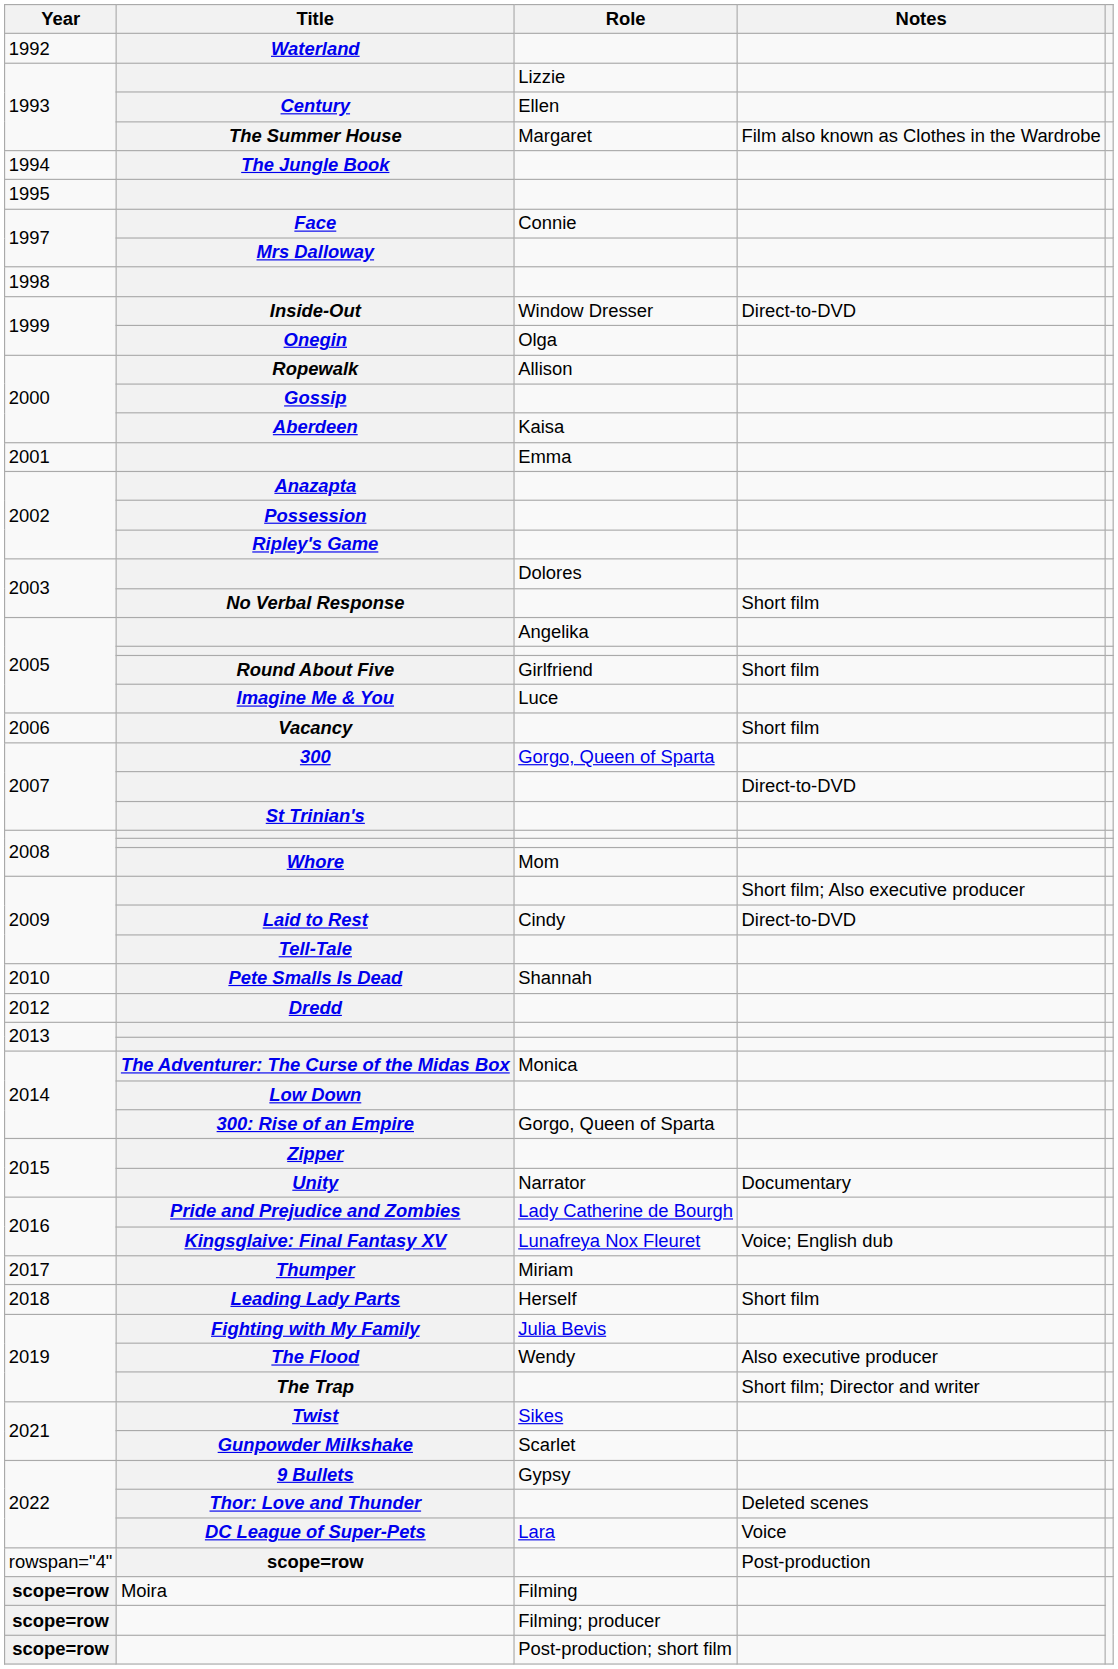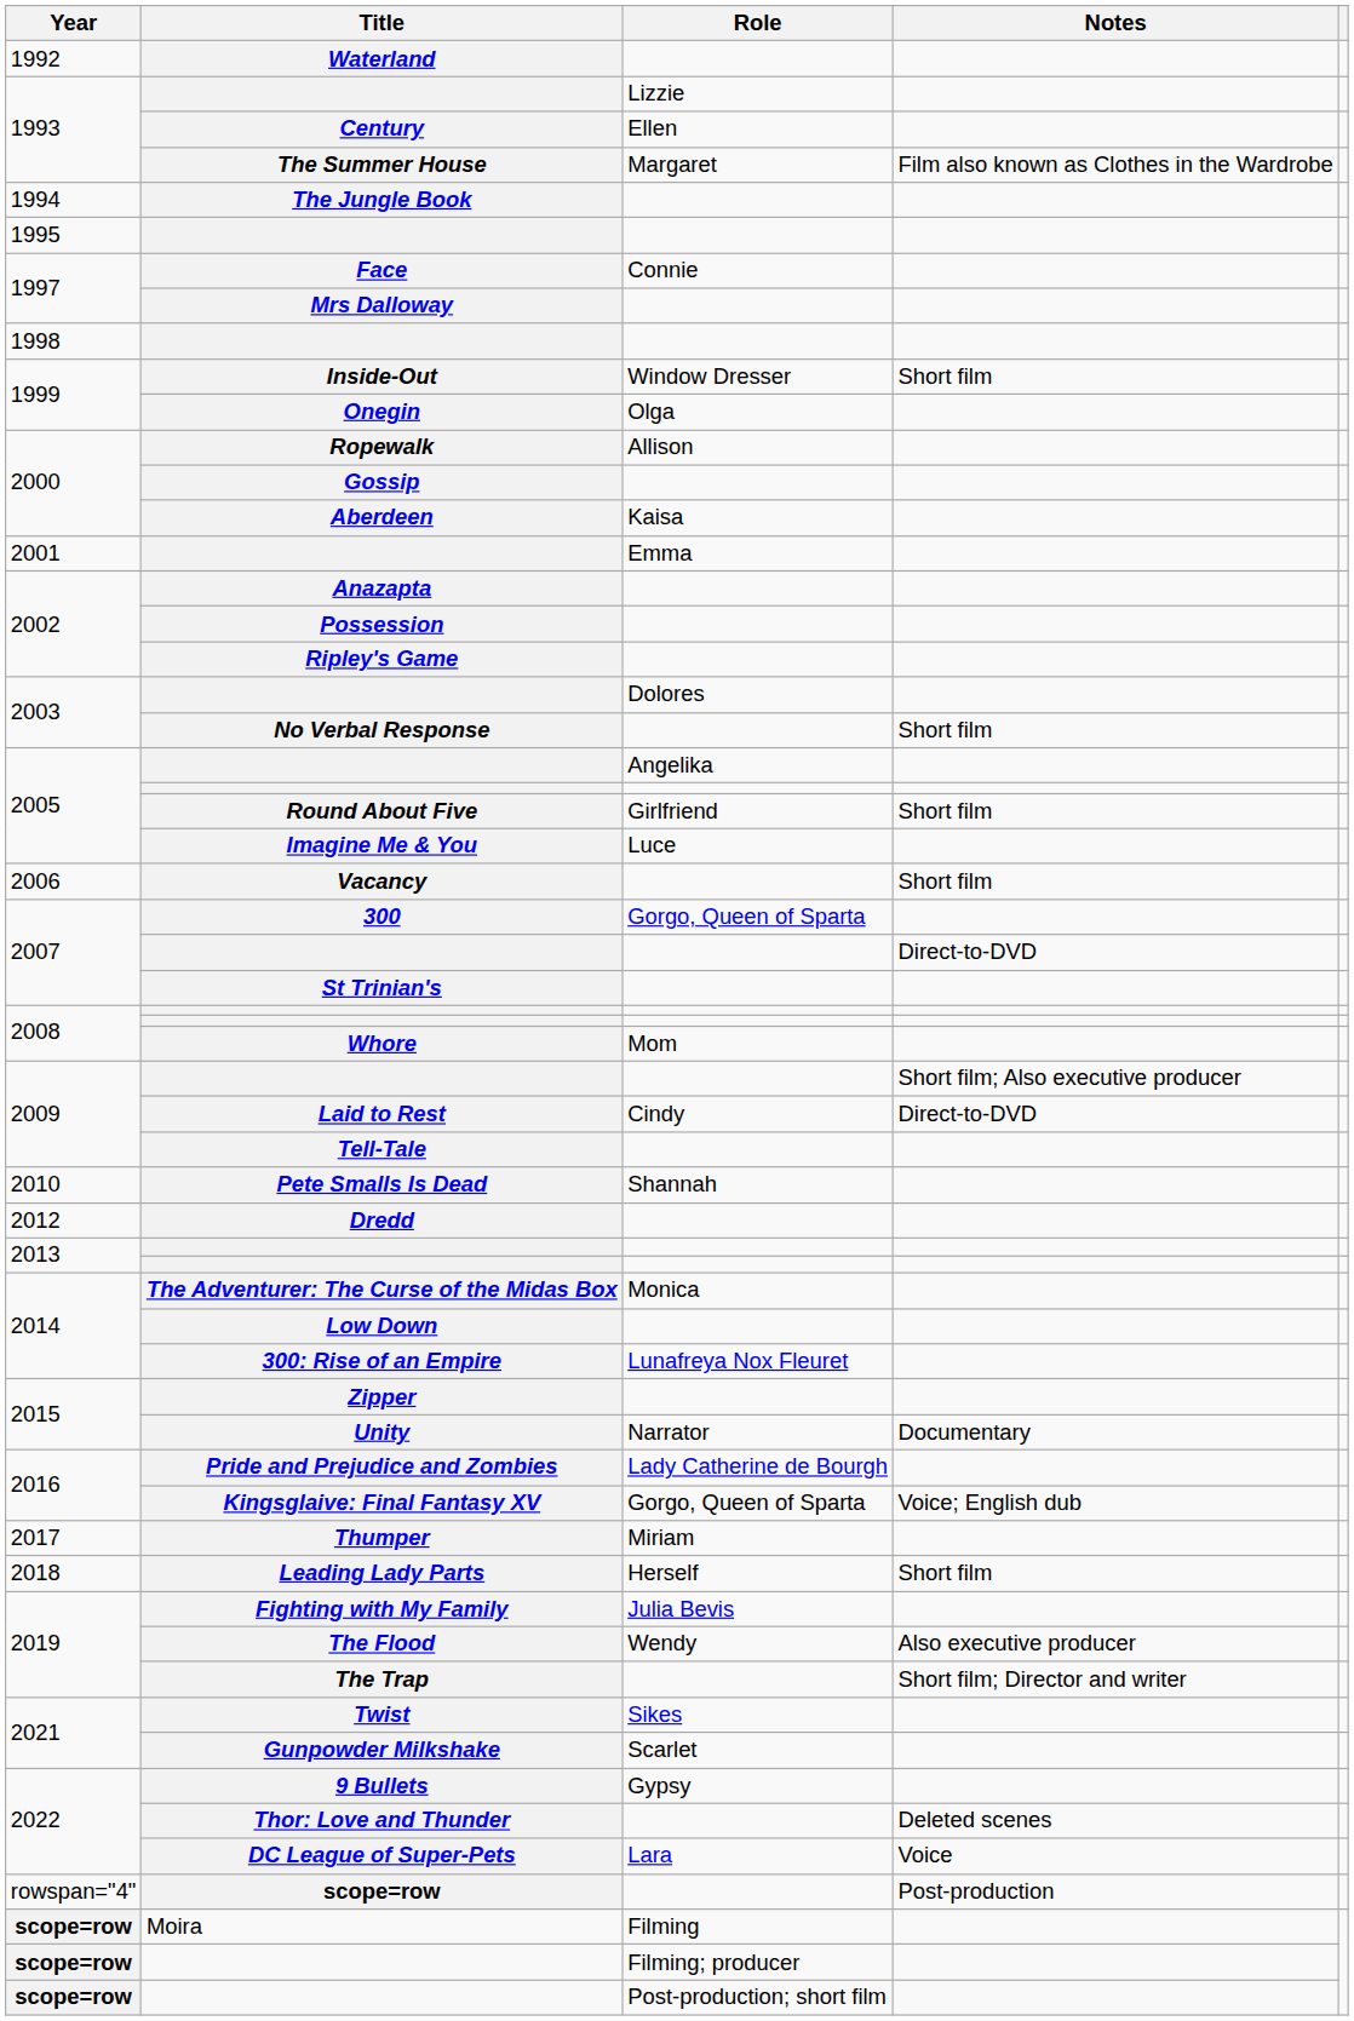 <table class="wikitable plainrowheaders sortable">
 <tr>
 <th scope="col">Year</th>
 <th scope="col">Title</th>
 <th scope="col">Role</th>
 <th scope="col" class="unsortable">Notes</th>
 <th scope="col" class="unsortable"></th>
 </tr>
 <tr>
 <td>1992</td>
 <th scope=row><em><a href='#'>Waterland</a></em></th>
 <td></td>
 <td></td>
 <td style="text-align:center;"></td>
 </tr>
 <tr>
 <td rowspan="3">1993</td>
 <th scope=row><em></em></th>
 <td>Lizzie</td>
 <td></td>
 <td style="text-align:center;"></td>
 </tr>
 <tr>
 <th scope=row><em><a href='#'>Century</a></em></th>
 <td>Ellen</td>
 <td></td>
 <td style="text-align:center;"></td>
 </tr>
 <tr>
 <th scope=row><em>The Summer House</em></th>
 <td>Margaret</td>
 <td>Film also known as Clothes in the Wardrobe</td>
 <td style="text-align:center;"></td>
 </tr>
 <tr>
 <td>1994</td>
 <th scope=row><em><a href='#'>The Jungle Book</a></em></th>
 <td></td>
 <td></td>
 <td style="text-align:center;"></td>
 </tr>
 <tr>
 <td>1995</td>
 <th scope=row><em></em></th>
 <td></td>
 <td></td>
 <td style="text-align:center;"></td>
 </tr>
 <tr>
 <td rowspan="2">1997</td>
 <th scope=row><em><a href='#'>Face</a></em></th>
 <td>Connie</td>
 <td></td>
 <td style="text-align:center;"></td>
 </tr>
 <tr>
 <th scope=row><em><a href='#'>Mrs Dalloway</a></em></th>
 <td></td>
 <td></td>
 <td style="text-align:center;"></td>
 </tr>
 <tr>
 <td>1998</td>
 <th scope=row><em></em></th>
 <td></td>
 <td></td>
 <td style="text-align:center;"></td>
 </tr>
 <tr>
 <td rowspan="2">1999</td>
 <th scope=row><em>Inside-Out</em></th>
 <td>Window Dresser</td>
-<td>Direct-to-DVD</td>
+<td>Short film</td>
 <td style="text-align:center;"></td>
 </tr>
 <tr>
 <th scope=row><em><a href='#'>Onegin</a></em></th>
 <td>Olga</td>
 <td></td>
 <td style="text-align:center;"></td>
 </tr>
 <tr>
 <td rowspan="3">2000</td>
 <th scope=row><em>Ropewalk</em></th>
 <td>Allison</td>
 <td></td>
 <td style="text-align:center;"></td>
 </tr>
 <tr>
 <th scope=row><em><a href='#'>Gossip</a></em></th>
 <td></td>
 <td></td>
 <td style="text-align:center;"></td>
 </tr>
 <tr>
 <th scope=row><em><a href='#'>Aberdeen</a></em></th>
 <td>Kaisa</td>
 <td></td>
 <td style="text-align:center;"></td>
 </tr>
 <tr>
 <td>2001</td>
 <th scope=row><em></em></th>
 <td>Emma</td>
 <td></td>
 <td style="text-align:center;"></td>
 </tr>
 <tr>
 <td rowspan="3">2002</td>
 <th scope=row><em><a href='#'>Anazapta</a></em></th>
 <td></td>
 <td></td>
 <td style="text-align:center;"></td>
 </tr>
 <tr>
 <th scope=row><em><a href='#'>Possession</a></em></th>
 <td></td>
 <td></td>
 <td style="text-align:center;"></td>
 </tr>
 <tr>
 <th scope=row><em><a href='#'>Ripley's Game</a></em></th>
 <td></td>
 <td></td>
 <td style="text-align:center;"></td>
 </tr>
 <tr>
 <td rowspan="2">2003</td>
 <th scope=row><em></em></th>
 <td>Dolores</td>
 <td></td>
 <td style="text-align:center;"></td>
 </tr>
 <tr>
 <th scope=row><em>No Verbal Response</em></th>
 <td></td>
 <td>Short film</td>
 <td style="text-align:center;"></td>
 </tr>
 <tr>
 <td rowspan="4">2005</td>
 <th scope=row><em></em></th>
 <td>Angelika</td>
 <td></td>
 <td style="text-align:center;"></td>
 </tr>
 <tr>
 <th scope=row><em></em></th>
 <td></td>
 <td></td>
 <td style="text-align:center;"></td>
 </tr>
 <tr>
 <th scope=row><em>Round About Five</em></th>
 <td>Girlfriend</td>
 <td>Short film</td>
 <td style="text-align:center;"></td>
 </tr>
 <tr>
 <th scope=row><em><a href='#'>Imagine Me & You</a></em></th>
 <td>Luce</td>
 <td></td>
 <td style="text-align:center;"></td>
 </tr>
 <tr>
 <td>2006</td>
 <th scope=row><em>Vacancy</em></th>
 <td></td>
 <td>Short film</td>
 <td style="text-align:center;"></td>
 </tr>
 <tr>
 <td rowspan="3">2007</td>
 <th scope=row><em><a href='#'>300</a></em></th>
 <td><a href='#'>Gorgo, Queen of Sparta</a></td>
 <td></td>
 <td style="text-align:center;"></td>
 </tr>
 <tr>
 <th scope=row><em></em></th>
 <td></td>
 <td>Direct-to-DVD</td>
 <td style="text-align:center;"></td>
 </tr>
 <tr>
 <th scope=row><em><a href='#'>St Trinian's</a></em></th>
 <td></td>
 <td></td>
 <td style="text-align:center;"></td>
 </tr>
 <tr>
 <td rowspan="3">2008</td>
 <th scope=row><em></em></th>
 <td></td>
 <td></td>
 <td style="text-align:center;"></td>
 </tr>
 <tr>
 <th scope=row><em></em></th>
 <td></td>
 <td></td>
 <td style="text-align:center;"></td>
 </tr>
 <tr>
 <th scope=row><em><a href='#'>Whore</a></em></th>
 <td>Mom</td>
 <td></td>
 <td style="text-align:center;"></td>
 </tr>
 <tr>
 <td rowspan="3">2009</td>
 <th scope=row><em></em></th>
 <td></td>
 <td>Short film; Also executive producer</td>
 <td style="text-align:center;"></td>
 </tr>
 <tr>
 <th scope=row><em><a href='#'>Laid to Rest</a></em></th>
 <td>Cindy</td>
 <td>Direct-to-DVD</td>
 <td style="text-align:center;"></td>
 </tr>
 <tr>
 <th scope=row><a href='#'><em>Tell-Tale</em></a></th>
 <td></td>
 <td></td>
 <td style="text-align:center;"></td>
 </tr>
 <tr>
 <td>2010</td>
 <th scope=row><em><a href='#'>Pete Smalls Is Dead</a></em></th>
 <td>Shannah</td>
 <td></td>
 <td style="text-align:center;"></td>
 </tr>
 <tr>
 <td>2012</td>
 <th scope=row><em><a href='#'>Dredd</a></em></th>
 <td></td>
 <td></td>
 <td style="text-align:center;"></td>
 </tr>
 <tr>
 <td rowspan="2">2013</td>
 <th scope=row><em></em></th>
 <td></td>
 <td></td>
 <td style="text-align:center;"></td>
 </tr>
 <tr>
 <th scope=row><em></em></th>
 <td></td>
 <td></td>
 <td style="text-align:center;"></td>
 </tr>
 <tr>
 <td rowspan="3">2014</td>
 <th scope=row><em><a href='#'>The Adventurer: The Curse of the Midas Box</a></em></th>
 <td>Monica</td>
 <td></td>
 <td style="text-align:center;"></td>
 </tr>
 <tr>
 <th scope=row><em><a href='#'>Low Down</a></em></th>
 <td></td>
 <td></td>
 <td style="text-align:center;"></td>
 </tr>
 <tr>
 <th scope=row><em><a href='#'>300: Rise of an Empire</a></em></th>
-<td>Gorgo, Queen of Sparta</td>
+<td><a href='#'>Lunafreya Nox Fleuret</a></td>
 <td></td>
 <td style="text-align:center;"></td>
 </tr>
 <tr>
 <td rowspan="2">2015</td>
 <th scope=row><em><a href='#'>Zipper</a></em></th>
 <td></td>
 <td></td>
 <td style="text-align:center;"></td>
 </tr>
 <tr>
 <th scope=row><em><a href='#'>Unity</a></em></th>
 <td>Narrator</td>
 <td>Documentary</td>
 <td style="text-align:center;"></td>
 </tr>
 <tr>
 <td rowspan="2">2016</td>
 <th scope=row><em><a href='#'>Pride and Prejudice and Zombies</a></em></th>
 <td><a href='#'>Lady Catherine de Bourgh</a></td>
 <td></td>
 <td style="text-align:center;"></td>
 </tr>
 <tr>
 <th scope=row><em><a href='#'>Kingsglaive: Final Fantasy XV</a></em></th>
-<td><a href='#'>Lunafreya Nox Fleuret</a></td>
+<td>Gorgo, Queen of Sparta</td>
 <td>Voice; English dub</td>
 <td style="text-align:center;"></td>
 </tr>
 <tr>
 <td>2017</td>
 <th scope=row><em><a href='#'>Thumper</a></em></th>
 <td>Miriam</td>
 <td></td>
 <td style="text-align:center;"></td>
 </tr>
 <tr>
 <td>2018</td>
 <th scope=row><em><a href='#'>Leading Lady Parts</a></em></th>
 <td>Herself</td>
 <td>Short film</td>
 <td style="text-align:center;"></td>
 </tr>
 <tr>
 <td rowspan="3">2019</td>
 <th scope=row><em><a href='#'>Fighting with My Family</a></em></th>
 <td><a href='#'>Julia Bevis</a></td>
 <td></td>
 <td style="text-align:center;"></td>
 </tr>
 <tr>
 <th scope=row><em><a href='#'>The Flood</a></em></th>
 <td>Wendy</td>
 <td style="text-align:left;">Also executive producer</td>
 <td style="text-align:center;"></td>
 </tr>
 <tr>
 <th scope=row><em>The Trap</em></th>
 <td></td>
 <td style="text-align:left;">Short film; Director and writer</td>
 <td style="text-align:center;"></td>
 </tr>
 <tr>
 <td rowspan="2">2021</td>
 <th scope=row><em><a href='#'>Twist</a></em></th>
 <td><a href='#'>Sikes</a></td>
 <td style="text-align:left;"></td>
 <td style="text-align:center;"></td>
 </tr>
 <tr>
 <th scope=row><em><a href='#'>Gunpowder Milkshake</a></em></th>
 <td>Scarlet</td>
 <td style="text-align:left;"></td>
 <td style="text-align:center;"></td>
 </tr>
 <tr>
 <td rowspan="3">2022</td>
 <th scope=row><em><a href='#'>9 Bullets</a></em></th>
 <td>Gypsy</td>
 <td></td>
 <td style="text-align:center;"></td>
 </tr>
 <tr>
 <th scope=row><em><a href='#'>Thor: Love and Thunder</a></em></th>
 <td></td>
 <td>Deleted scenes</td>
 <td style="text-align:center;"></td>
 </tr>
 <tr>
 <th scope=row><em><a href='#'>DC League of Super-Pets</a></em></th>
 <td><a href='#'>Lara</a></td>
 <td>Voice</td>
 <td style="text-align:center;"></td>
 </tr>
 <tr>
 <td>rowspan="4" </td>
 <th>scope=row </th>
 <td></td>
 <td>Post-production</td>
 <td style="text-align:center;"><br> </td>
 </tr>
 <tr>
 <th>scope=row </th>
 <td>Moira</td>
 <td>Filming</td>
 <td style="text-align:center;"></td>
 </tr>
 <tr>
 <th>scope=row </th>
 <td></td>
 <td>Filming; producer</td>
 <td style="text-align:center;"></td>
 </tr>
 <tr>
 <th>scope=row </th>
 <td></td>
 <td>Post-production; short film</td>
 <td style="text-align:center;"></td>
 </tr>
 </table>
